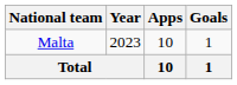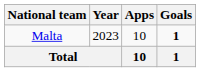 <table class="wikitable" style="text-align:center">
 <tr>
 <th>National team</th>
 <th>Year</th>
 <th>Apps</th>
 <th>Goals</th>
 </tr>
 <tr>
 <td rowspan="1"><a href='#'>Malta</a></td>
 <td>2023</td>
 <td>10</td>
-<td>1</td>
+<td><strong>1</strong></td>
 </tr>
 <tr>
 <th colspan="2">Total</th>
 <th>10</th>
 <th>1</th>
 </tr>
 </table>
